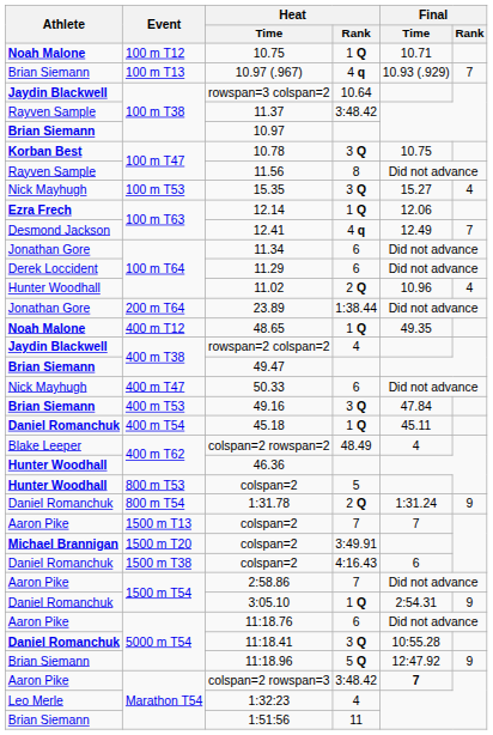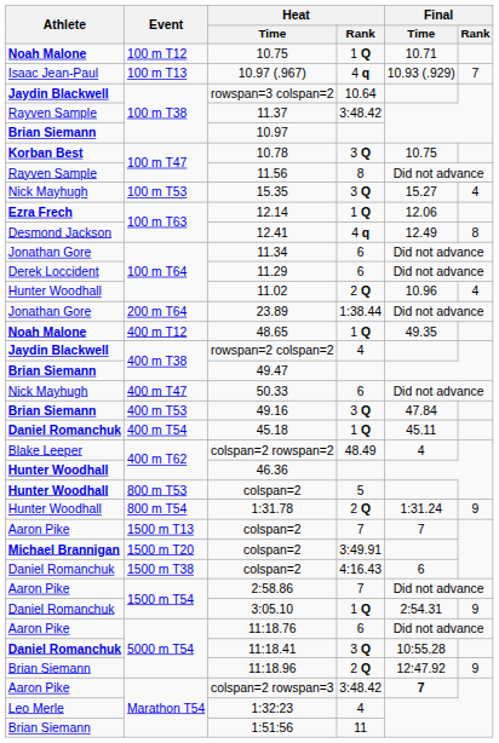 <table class=wikitable style=font-size:90%;text-align:center>
 <tr>
 <th rowspan=2>Athlete</th>
 <th rowspan=2>Event</th>
 <th colspan=2>Heat</th>
 <th colspan=2>Final</th>
 </tr>
 <tr style=font-size:95%>
 <th>Time</th>
 <th>Rank</th>
 <th>Time</th>
 <th>Rank</th>
 </tr>
 <tr>
 <td align=left><strong><a href='#'>Noah Malone</a></strong></td>
 <td align=left><a href='#'>100 m T12</a></td>
 <td>10.75</td>
 <td>1 <strong>Q</strong></td>
 <td>10.71</td>
 <td></td>
 </tr>
 <tr>
-<td align=left><a href='#'>Brian Siemann</a></td>
+<td align=left><a href='#'>Isaac Jean-Paul</a></td>
 <td align=left><a href='#'>100 m T13</a></td>
 <td>10.97 (.967)</td>
 <td>4 <strong>q</strong></td>
 <td>10.93 (.929)</td>
 <td>7</td>
 </tr>
 <tr>
 <td align=left><strong><a href='#'>Jaydin Blackwell</a></strong></td>
 <td align=left rowspan=3><a href='#'>100 m T38</a></td>
 <td>rowspan=3 colspan=2 </td>
 <td>10.64</td>
 <td></td>
 </tr>
 <tr>
 <td align=left><a href='#'>Rayven Sample</a></td>
 <td>11.37</td>
 <td>3:48.42 </td>
 </tr>
 <tr>
 <td align=left><strong><a href='#'>Brian Siemann</a></strong></td>
 <td>10.97</td>
 <td></td>
 </tr>
 <tr>
 <td align=left><strong><a href='#'>Korban Best</a></strong></td>
 <td align=left rowspan=2><a href='#'>100 m T47</a></td>
 <td>10.78</td>
 <td>3 <strong>Q</strong></td>
 <td>10.75</td>
 <td></td>
 </tr>
 <tr>
 <td align=left><a href='#'>Rayven Sample</a></td>
 <td>11.56</td>
 <td>8</td>
 <td colspan=2>Did not advance</td>
 </tr>
 <tr>
 <td align=left><a href='#'>Nick Mayhugh</a></td>
 <td align=left><a href='#'>100 m T53</a></td>
 <td>15.35</td>
 <td>3 <strong>Q</strong></td>
 <td>15.27</td>
 <td>4</td>
 </tr>
 <tr>
 <td align=left><strong><a href='#'>Ezra Frech</a></strong></td>
 <td align=left rowspan=2><a href='#'>100 m T63</a></td>
 <td>12.14</td>
 <td>1 <strong>Q</strong></td>
 <td>12.06</td>
 <td></td>
 </tr>
 <tr>
 <td align=left><a href='#'>Desmond Jackson</a></td>
 <td>12.41</td>
 <td>4 <strong>q</strong></td>
 <td>12.49</td>
-<td>7</td>
+<td>8</td>
 </tr>
 <tr>
 <td align=left><a href='#'>Jonathan Gore</a></td>
 <td align=left rowspan=3><a href='#'>100 m T64</a></td>
 <td>11.34</td>
 <td>6</td>
 <td colspan=2>Did not advance</td>
 </tr>
 <tr>
 <td align=left><a href='#'>Derek Loccident</a></td>
 <td>11.29</td>
 <td>6</td>
 <td colspan=2>Did not advance</td>
 </tr>
 <tr>
 <td align=left><a href='#'>Hunter Woodhall</a></td>
 <td>11.02</td>
 <td>2 <strong>Q</strong></td>
 <td>10.96</td>
 <td>4</td>
 </tr>
 <tr>
 <td align=left><a href='#'>Jonathan Gore</a></td>
 <td align=left><a href='#'>200 m T64</a></td>
 <td>23.89</td>
 <td>1:38.44</td>
 <td colspan=2>Did not advance</td>
 </tr>
 <tr>
 <td align=left><strong><a href='#'>Noah Malone</a></strong></td>
 <td align=left><a href='#'>400 m T12</a></td>
 <td>48.65</td>
 <td>1 <strong>Q</strong></td>
 <td>49.35</td>
 <td></td>
 </tr>
 <tr>
 <td align=left><strong><a href='#'>Jaydin Blackwell</a></strong></td>
 <td align=left rowspan=2><a href='#'>400 m T38</a></td>
 <td>rowspan=2 colspan=2 </td>
 <td>4</td>
 <td></td>
 </tr>
 <tr>
 <td align=left><strong><a href='#'>Brian Siemann</a></strong></td>
 <td>49.47</td>
 <td></td>
 </tr>
 <tr>
 <td align=left><a href='#'>Nick Mayhugh</a></td>
 <td align=left><a href='#'>400 m T47</a></td>
 <td>50.33</td>
 <td>6</td>
 <td colspan=2>Did not advance</td>
 </tr>
 <tr>
 <td align=left><strong><a href='#'>Brian Siemann</a></strong></td>
 <td align=left><a href='#'>400 m T53</a></td>
 <td>49.16</td>
 <td>3 <strong>Q</strong></td>
 <td>47.84</td>
 <td></td>
 </tr>
 <tr>
 <td align=left><strong><a href='#'>Daniel Romanchuk</a></strong></td>
 <td align=left><a href='#'>400 m T54</a></td>
 <td>45.18 </td>
 <td>1 <strong>Q</strong></td>
 <td>45.11 </td>
 <td></td>
 </tr>
 <tr>
 <td align=left><a href='#'>Blake Leeper</a></td>
 <td align=left rowspan=2><a href='#'>400 m T62</a></td>
 <td>colspan=2 rowspan=2 </td>
 <td>48.49 </td>
 <td>4</td>
 </tr>
 <tr>
 <td align=left><strong><a href='#'>Hunter Woodhall</a></strong></td>
 <td>46.36</td>
 <td></td>
 </tr>
 <tr>
 <td align=left><strong><a href='#'>Hunter Woodhall</a></strong></td>
 <td align=left><a href='#'>800 m T53</a></td>
 <td>colspan=2 </td>
 <td>5</td>
 <td></td>
 </tr>
 <tr>
-<td align=left><a href='#'>Daniel Romanchuk</a></td>
+<td align=left><a href='#'>Hunter Woodhall</a></td>
 <td align=left><a href='#'>800 m T54</a></td>
 <td>1:31.78</td>
 <td>2 <strong>Q</strong></td>
 <td>1:31.24</td>
 <td>9</td>
 </tr>
 <tr>
 <td align=left><a href='#'>Aaron Pike</a></td>
 <td align=left><a href='#'>1500 m T13</a></td>
 <td>colspan=2 </td>
 <td>7</td>
 <td>7</td>
 </tr>
 <tr>
 <td align=left><strong><a href='#'>Michael Brannigan</a></strong></td>
 <td align=left><a href='#'>1500 m T20</a></td>
 <td>colspan=2 </td>
 <td>3:49.91</td>
 <td></td>
 </tr>
 <tr>
 <td align=left><a href='#'>Daniel Romanchuk</a></td>
 <td align=left><a href='#'>1500 m T38</a></td>
 <td>colspan=2 </td>
 <td>4:16.43</td>
 <td>6</td>
 </tr>
 <tr>
 <td align=left><a href='#'>Aaron Pike</a></td>
 <td align=left rowspan=2><a href='#'>1500 m T54</a></td>
 <td>2:58.86</td>
 <td>7</td>
 <td colspan=2>Did not advance</td>
 </tr>
 <tr>
 <td align=left><a href='#'>Daniel Romanchuk</a></td>
 <td>3:05.10</td>
 <td>1 <strong>Q</strong></td>
 <td>2:54.31</td>
 <td>9</td>
 </tr>
 <tr>
 <td align=left><a href='#'>Aaron Pike</a></td>
 <td align=left rowspan=3><a href='#'>5000 m T54</a></td>
 <td>11:18.76</td>
 <td>6</td>
 <td colspan=2>Did not advance</td>
 </tr>
 <tr>
 <td align=left><strong><a href='#'>Daniel Romanchuk</a></strong></td>
 <td>11:18.41</td>
 <td>3 <strong>Q</strong></td>
 <td>10:55.28</td>
 <td></td>
 </tr>
 <tr>
 <td align=left><a href='#'>Brian Siemann</a></td>
 <td>11:18.96</td>
-<td>5 <strong>Q</strong></td>
+<td>2 <strong>Q</strong></td>
 <td>12:47.92</td>
 <td>9</td>
 </tr>
 <tr>
 <td align=left><a href='#'>Aaron Pike</a></td>
 <td align=left rowspan=3><a href='#'>Marathon T54</a></td>
 <td>colspan=2 rowspan=3 </td>
 <td>3:48.42 </td>
 <td><strong>7</strong></td>
 </tr>
 <tr>
 <td align=left><a href='#'>Leo Merle</a></td>
 <td>1:32:23</td>
 <td>4</td>
 </tr>
 <tr>
 <td align=left><a href='#'>Brian Siemann</a></td>
 <td>1:51:56</td>
 <td>11</td>
 </tr>
 </table>
